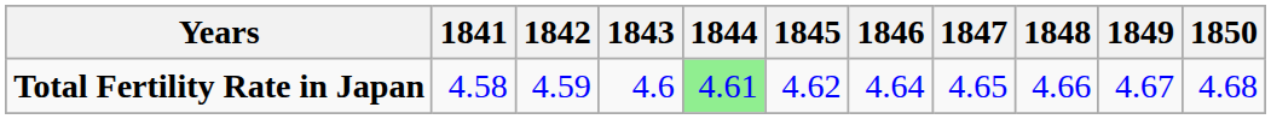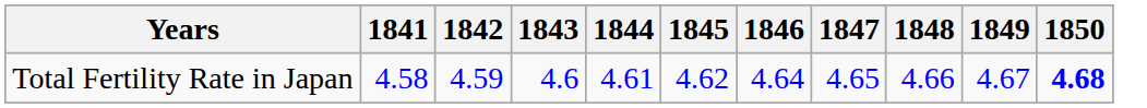 <table class="wikitable " style="text-align:right">
 <tr>
 <th>Years</th>
 <th>1841</th>
 <th>1842</th>
 <th>1843</th>
 <th>1844</th>
 <th>1845</th>
 <th>1846</th>
 <th>1847</th>
 <th>1848</th>
 <th>1849</th>
 <th>1850</th>
 </tr>
 <tr>
-<td align="left"><strong>Total Fertility Rate in Japan</strong></td>
+<td align="left">Total Fertility Rate in Japan</td>
 <td style="text-align:right; color:blue;">4.58</td>
 <td style="text-align:right; color:blue;">4.59</td>
 <td style="text-align:right; color:blue;">4.6</td>
-<td style="background: lightgreen; text-align:right; color:blue;">4.61</td>
+<td style="text-align:right; color:blue;">4.61</td>
 <td style="text-align:right; color:blue;">4.62</td>
 <td style="text-align:right; color:blue;">4.64</td>
 <td style="text-align:right; color:blue;">4.65</td>
 <td style="text-align:right; color:blue;">4.66</td>
 <td style="text-align:right; color:blue;">4.67</td>
-<td style="text-align:right; color:blue;">4.68</td>
+<td style="text-align:right; color:blue;"><strong>4.68</strong></td>
 </tr>
 </table>
